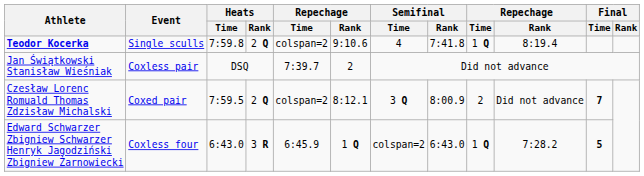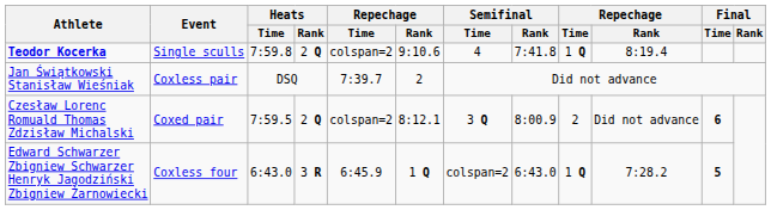 <table class="wikitable" style="font-size:90%">
 <tr>
 <th rowspan="2">Athlete</th>
 <th rowspan="2">Event</th>
 <th colspan="2">Heats</th>
 <th colspan="2">Repechage</th>
 <th colspan="2">Semifinal</th>
 <th colspan="2">Repechage</th>
 <th colspan="2">Final</th>
 </tr>
 <tr style="font-size:95%">
 <th>Time</th>
 <th>Rank</th>
 <th>Time</th>
 <th>Rank</th>
 <th>Time</th>
 <th>Rank</th>
 <th>Time</th>
 <th>Rank</th>
 <th>Time</th>
 <th>Rank</th>
 </tr>
 <tr align=center>
 <td align=left><strong><a href='#'>Teodor Kocerka</a></strong></td>
 <td align=left><a href='#'>Single sculls</a></td>
 <td>7:59.8</td>
 <td>2 <strong>Q</strong></td>
 <td>colspan=2 </td>
 <td>9:10.6</td>
 <td>4</td>
 <td>7:41.8</td>
 <td>1 <strong>Q</strong></td>
 <td>8:19.4</td>
 <td></td>
 </tr>
 <tr align=center>
 <td align=left><a href='#'>Jan Świątkowski</a><br><a href='#'>Stanisław Wieśniak</a></td>
 <td align=left><a href='#'>Coxless pair</a></td>
 <td colspan=2>DSQ</td>
 <td>7:39.7</td>
 <td>2</td>
 <td colspan=6>Did not advance</td>
 </tr>
 <tr align=center>
 <td align=left><a href='#'>Czesław Lorenc</a><br><a href='#'>Romuald Thomas</a><br><a href='#'>Zdzisław Michalski</a></td>
 <td align=left><a href='#'>Coxed pair</a></td>
 <td>7:59.5</td>
 <td>2 <strong>Q</strong></td>
 <td>colspan=2 </td>
 <td>8:12.1</td>
 <td>3 <strong>Q</strong></td>
 <td>8:00.9</td>
 <td>2</td>
 <td colspan=1>Did not advance</td>
-<td><strong>7</strong></td>
+<td><strong>6</strong></td>
 </tr>
 <tr align=center>
 <td align=left><a href='#'>Edward Schwarzer</a><br><a href='#'>Zbigniew Schwarzer</a><br><a href='#'>Henryk Jagodziński</a><br><a href='#'>Zbigniew Żarnowiecki</a></td>
 <td align=left><a href='#'>Coxless four</a></td>
 <td>6:43.0</td>
 <td>3 <strong>R</strong></td>
 <td>6:45.9</td>
 <td>1 <strong>Q</strong></td>
 <td>colspan=2 </td>
 <td>6:43.0</td>
 <td>1 <strong>Q</strong></td>
 <td>7:28.2</td>
 <td><strong>5</strong></td>
 </tr>
 </table>
